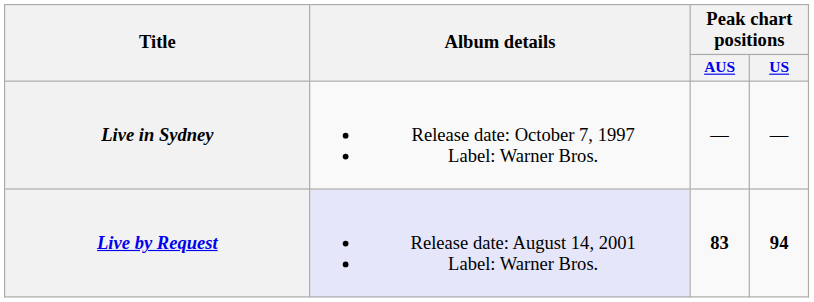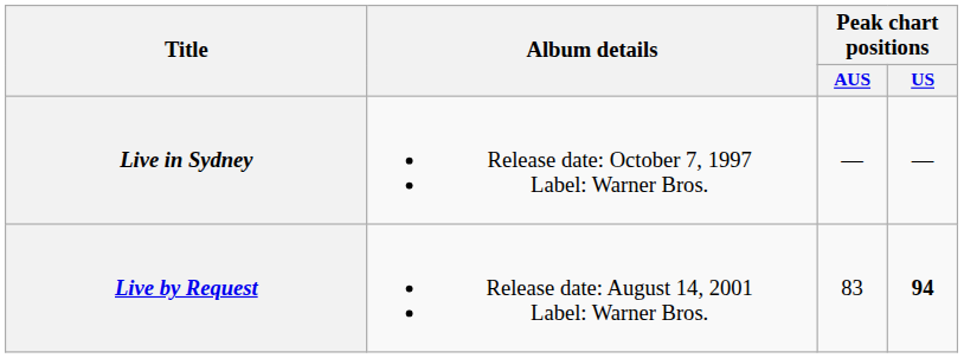 <table class="wikitable plainrowheaders" style="text-align:center;">
 <tr>
 <th rowspan="2" style="width:16em;">Title</th>
 <th rowspan="2" style="width:20em;">Album details</th>
 <th colspan="2">Peak chart<br>positions</th>
 </tr>
 <tr style="font-size:smaller;">
 <th width="45"><a href='#'>AUS</a><br></th>
 <th width="45"><a href='#'>US</a><br></th>
 </tr>
 <tr>
 <th scope="row"><em>Live in Sydney</em></th>
 <td><br><ul><li>Release date: October 7, 1997</li><li>Label: Warner Bros.</li></ul></td>
 <td>—</td>
 <td>—</td>
 </tr>
 <tr>
 <th scope="row"><em><a href='#'>Live by Request</a></em></th>
-<td style="background: lavender;"><br><ul><li>Release date: August 14, 2001</li><li>Label: Warner Bros.</li></ul></td>
-<td><strong>83</strong></td>
+<td><br><ul><li>Release date: August 14, 2001</li><li>Label: Warner Bros.</li></ul></td>
+<td>83</td>
 <td><strong>94</strong></td>
 </tr>
 </table>
